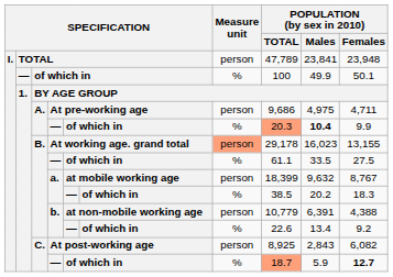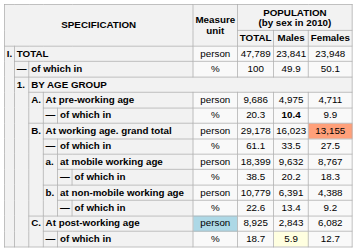 <table class="wikitable" style="font-size:85%; text-align:center">
 <tr>
 <th rowspan="2" colspan="6">SPECIFICATION</th>
 <th rowspan="2">Measure<br> unit</th>
 <th colspan="3" rowspan="1">POPULATION<br> (by sex in 2010)</th>
 </tr>
 <tr>
 <th>TOTAL</th>
 <th>Males</th>
 <th>Females</th>
 </tr>
 <tr>
 <th style="text-align:left" valign="top" rowspan="13">I.</th>
 <th style="text-align:left" colspan="5">TOTAL</th>
 <td>person</td>
 <td>47,789</td>
 <td>23,841</td>
 <td>23,948</td>
 </tr>
 <tr>
 <th style="text-align:left" valign="top">—</th>
 <th style="text-align:left" colspan="4">of which in</th>
 <td>%</td>
 <td>100</td>
 <td>49.9</td>
 <td>50.1</td>
 </tr>
 <tr>
 <th style="text-align:left" valign="top" rowspan="11">1.</th>
 <th style="text-align:left" colspan="19">BY AGE GROUP</th>
 </tr>
 <tr>
 <th style="text-align:left" valign="top" rowspan="2">A.</th>
 <th style="text-align:left" colspan="3">At pre-working age</th>
 <td>person</td>
 <td>9,686</td>
 <td>4,975</td>
 <td>4,711</td>
 </tr>
 <tr>
 <th style="text-align:left" valign="top">—</th>
 <th style="text-align:left" valign="top" colspan="2">of which in</th>
 <td>%</td>
-<td style="background: lightsalmon;">20.3</td>
+<td>20.3</td>
 <td><strong>10.4</strong></td>
 <td>9.9</td>
 </tr>
 <tr>
 <th style="text-align:left" valign="top" rowspan="6">B.</th>
 <th style="text-align:left" colspan="3">At working age. grand total</th>
-<td style="background: lightsalmon;">person</td>
+<td>person</td>
 <td>29,178</td>
 <td>16,023</td>
-<td>13,155</td>
+<td style="background: lightsalmon;">13,155</td>
 </tr>
 <tr>
 <th style="text-align:left" valign="top">—</th>
 <th style="text-align:left" valign="top" colspan="2">of which in</th>
 <td>%</td>
 <td>61.1</td>
 <td>33.5</td>
 <td>27.5</td>
 </tr>
 <tr>
 <th style="text-align:left" valign="top" rowspan="2">a.</th>
 <th style="text-align:left" colspan="2">at mobile working age</th>
 <td>person</td>
 <td>18,399</td>
 <td>9,632</td>
 <td>8,767</td>
 </tr>
 <tr>
 <th style="text-align:left" valign="top">—</th>
 <th style="text-align:left" valign="top" colspan="1">of which in                        </th>
 <td>%</td>
 <td>38.5</td>
 <td>20.2</td>
 <td>18.3</td>
 </tr>
 <tr>
 <th style="text-align:left" valign="top" rowspan="2">b.</th>
 <th style="text-align:left" colspan="2">at non-mobile working age</th>
 <td>person</td>
 <td>10,779</td>
 <td>6,391</td>
 <td>4,388</td>
 </tr>
 <tr>
 <th style="text-align:left" valign="top">—</th>
 <th style="text-align:left" valign="top" colspan="1">of which in                        </th>
 <td>%</td>
 <td>22.6</td>
 <td>13.4</td>
 <td>9.2</td>
 </tr>
 <tr>
 <th style="text-align:left" valign="top" rowspan="2">C.</th>
 <th style="text-align:left" colspan="3">At post-working age</th>
-<td>person</td>
+<td style="background: lightblue;">person</td>
 <td>8,925</td>
 <td>2,843</td>
 <td>6,082</td>
 </tr>
 <tr>
 <th style="text-align:left" valign="top">—</th>
 <th style="text-align:left" valign="top" colspan="2">of which in</th>
 <td>%</td>
-<td style="background: lightsalmon;">18.7</td>
-<td>5.9</td>
-<td><strong>12.7</strong></td>
+<td>18.7</td>
+<td style="background: lightyellow;">5.9</td>
+<td>12.7</td>
 </tr>
 </table>
